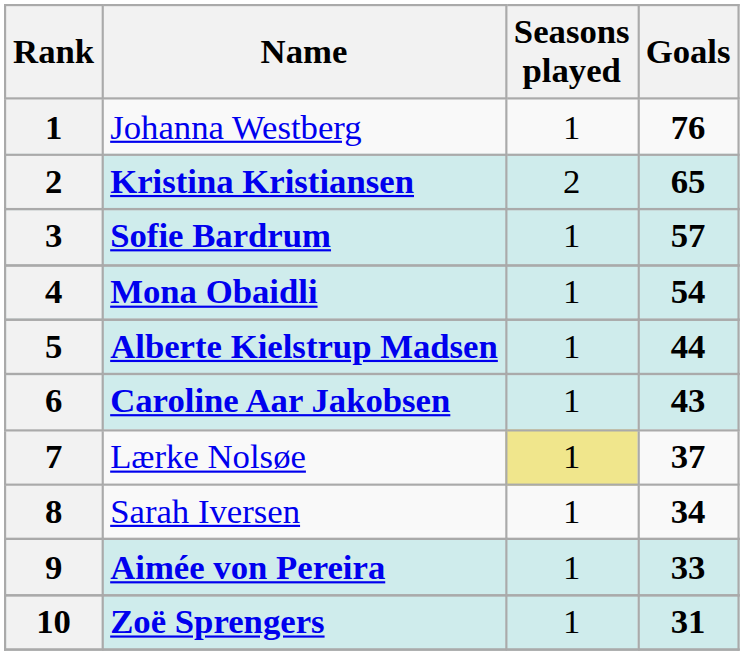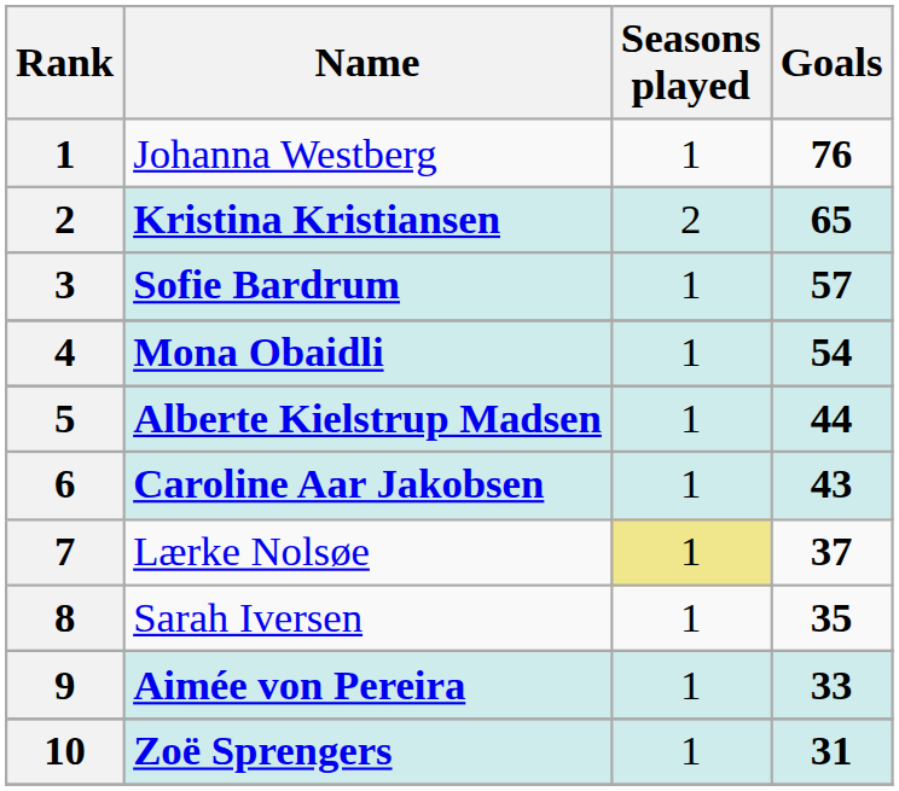 <table class="wikitable" style="text-align: center">
 <tr>
 <th>Rank</th>
 <th class="unsortable">Name</th>
 <th>Seasons<br>played</th>
 <th>Goals</th>
 </tr>
 <tr>
 <th>1</th>
 <td style="text-align: left;"> <a href='#'>Johanna Westberg</a></td>
 <td>1</td>
 <td><strong>76</strong></td>
 </tr>
 <tr style="background-color: #CFECEC;">
 <th>2</th>
 <td style="text-align: left;"> <strong><a href='#'>Kristina Kristiansen</a></strong></td>
 <td>2</td>
 <td><strong>65</strong></td>
 </tr>
 <tr>
 </tr>
 <tr style="background-color: #CFECEC;">
 <th>3</th>
 <td style="text-align: left;"> <strong><a href='#'>Sofie Bardrum</a></strong></td>
 <td>1</td>
 <td><strong>57</strong></td>
 </tr>
 <tr>
 </tr>
 <tr style="background-color: #CFECEC;">
 <th>4</th>
 <td style="text-align: left;"> <strong><a href='#'>Mona Obaidli</a></strong></td>
 <td>1</td>
 <td><strong>54</strong></td>
 </tr>
 <tr>
 </tr>
 <tr style="background-color: #CFECEC;">
 <th>5</th>
 <td style="text-align: left;"> <strong><a href='#'>Alberte Kielstrup Madsen</a></strong></td>
 <td>1</td>
 <td><strong>44</strong></td>
 </tr>
 <tr>
 </tr>
 <tr style="background-color: #CFECEC;">
 <th>6</th>
 <td style="text-align: left;"> <strong><a href='#'>Caroline Aar Jakobsen</a></strong></td>
 <td>1</td>
 <td><strong>43</strong></td>
 </tr>
 <tr>
 <th>7</th>
 <td style="text-align: left;"> <a href='#'>Lærke Nolsøe</a></td>
 <td style="background: khaki;">1</td>
 <td><strong>37</strong></td>
 </tr>
 <tr>
 <th>8</th>
 <td style="text-align: left;"> <a href='#'>Sarah Iversen</a></td>
 <td>1</td>
-<td><strong>34</strong></td>
+<td><strong>35</strong></td>
 </tr>
 <tr>
 </tr>
 <tr>
 </tr>
 <tr style="background-color: #CFECEC;">
 <th>9</th>
 <td style="text-align: left;"> <strong><a href='#'>Aimée von Pereira</a></strong></td>
 <td>1</td>
 <td><strong>33</strong></td>
 </tr>
 <tr>
 </tr>
 <tr style="background-color: #CFECEC;">
 <th>10</th>
 <td style="text-align: left;"> <strong><a href='#'>Zoë Sprengers</a></strong></td>
 <td>1</td>
 <td><strong>31</strong></td>
 </tr>
 <tr>
 </tr>
 </table>
